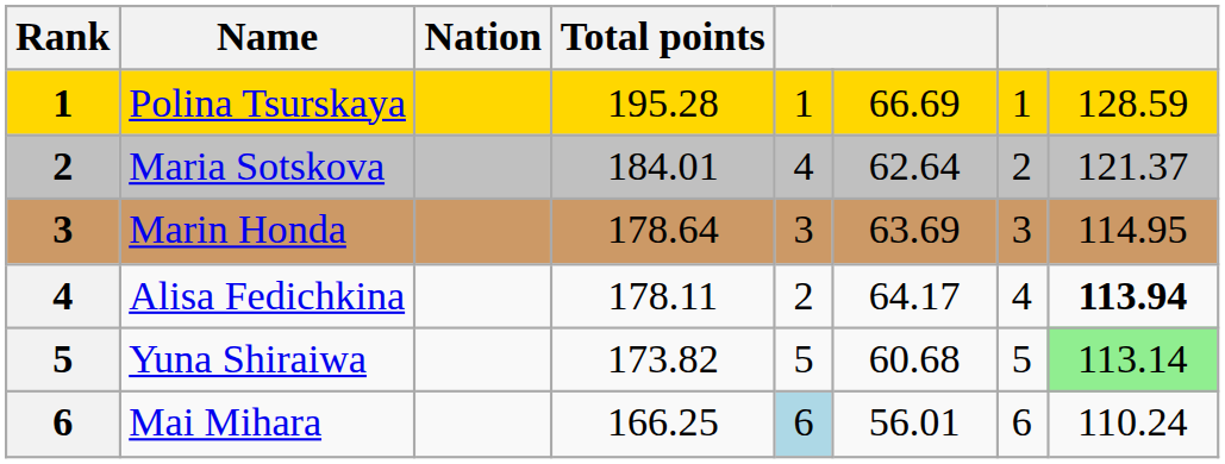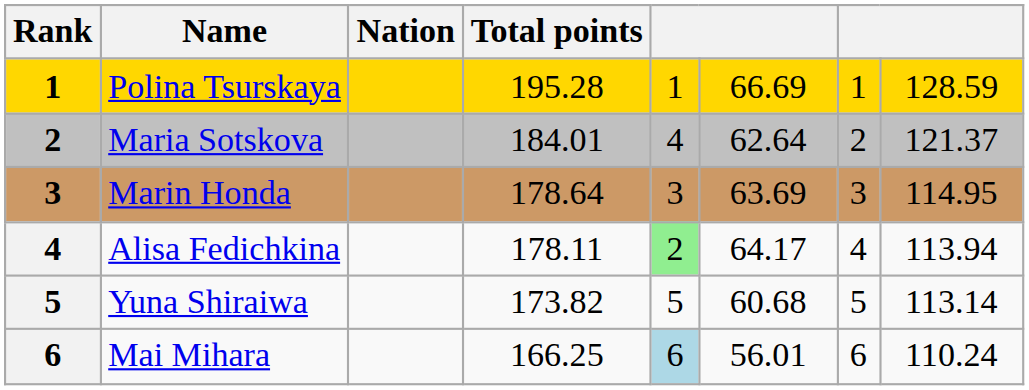 <table class="wikitable sortable">
 <tr>
 <th>Rank</th>
 <th>Name</th>
 <th>Nation</th>
 <th>Total points</th>
 <th colspan="2" width="80px"></th>
 <th colspan="2" width="80px"></th>
 </tr>
 <tr bgcolor="gold">
 <td align="center"><strong>1</strong></td>
 <td><a href='#'>Polina Tsurskaya</a></td>
 <td></td>
 <td align="center">195.28</td>
 <td align="center">1</td>
 <td align="center">66.69</td>
 <td align="center">1</td>
 <td align="center">128.59</td>
 </tr>
 <tr bgcolor="silver">
 <td align="center"><strong>2</strong></td>
 <td><a href='#'>Maria Sotskova</a></td>
 <td></td>
 <td align="center">184.01</td>
 <td align="center">4</td>
 <td align="center">62.64</td>
 <td align="center">2</td>
 <td align="center">121.37</td>
 </tr>
 <tr bgcolor="cc9966">
 <td align="center"><strong>3</strong></td>
 <td><a href='#'>Marin Honda</a></td>
 <td></td>
 <td align="center">178.64</td>
 <td align="center">3</td>
 <td align="center">63.69</td>
 <td align="center">3</td>
 <td align="center">114.95</td>
 </tr>
 <tr>
 <th>4</th>
 <td><a href='#'>Alisa Fedichkina</a></td>
 <td></td>
 <td align="center">178.11</td>
-<td align="center">2</td>
+<td align="center" style="background: lightgreen;">2</td>
 <td align="center">64.17</td>
 <td align="center">4</td>
-<td align="center"><strong>113.94</strong></td>
+<td align="center">113.94</td>
 </tr>
 <tr>
 <th>5</th>
 <td><a href='#'>Yuna Shiraiwa</a></td>
 <td></td>
 <td align="center">173.82</td>
 <td align="center">5</td>
 <td align="center">60.68</td>
 <td align="center">5</td>
-<td align="center" style="background: lightgreen;">113.14</td>
+<td align="center">113.14</td>
 </tr>
 <tr>
 <th>6</th>
 <td><a href='#'>Mai Mihara</a></td>
 <td></td>
 <td align="center">166.25</td>
 <td align="center" style="background: lightblue;">6</td>
 <td align="center">56.01</td>
 <td align="center">6</td>
 <td align="center">110.24</td>
 </tr>
 </table>
